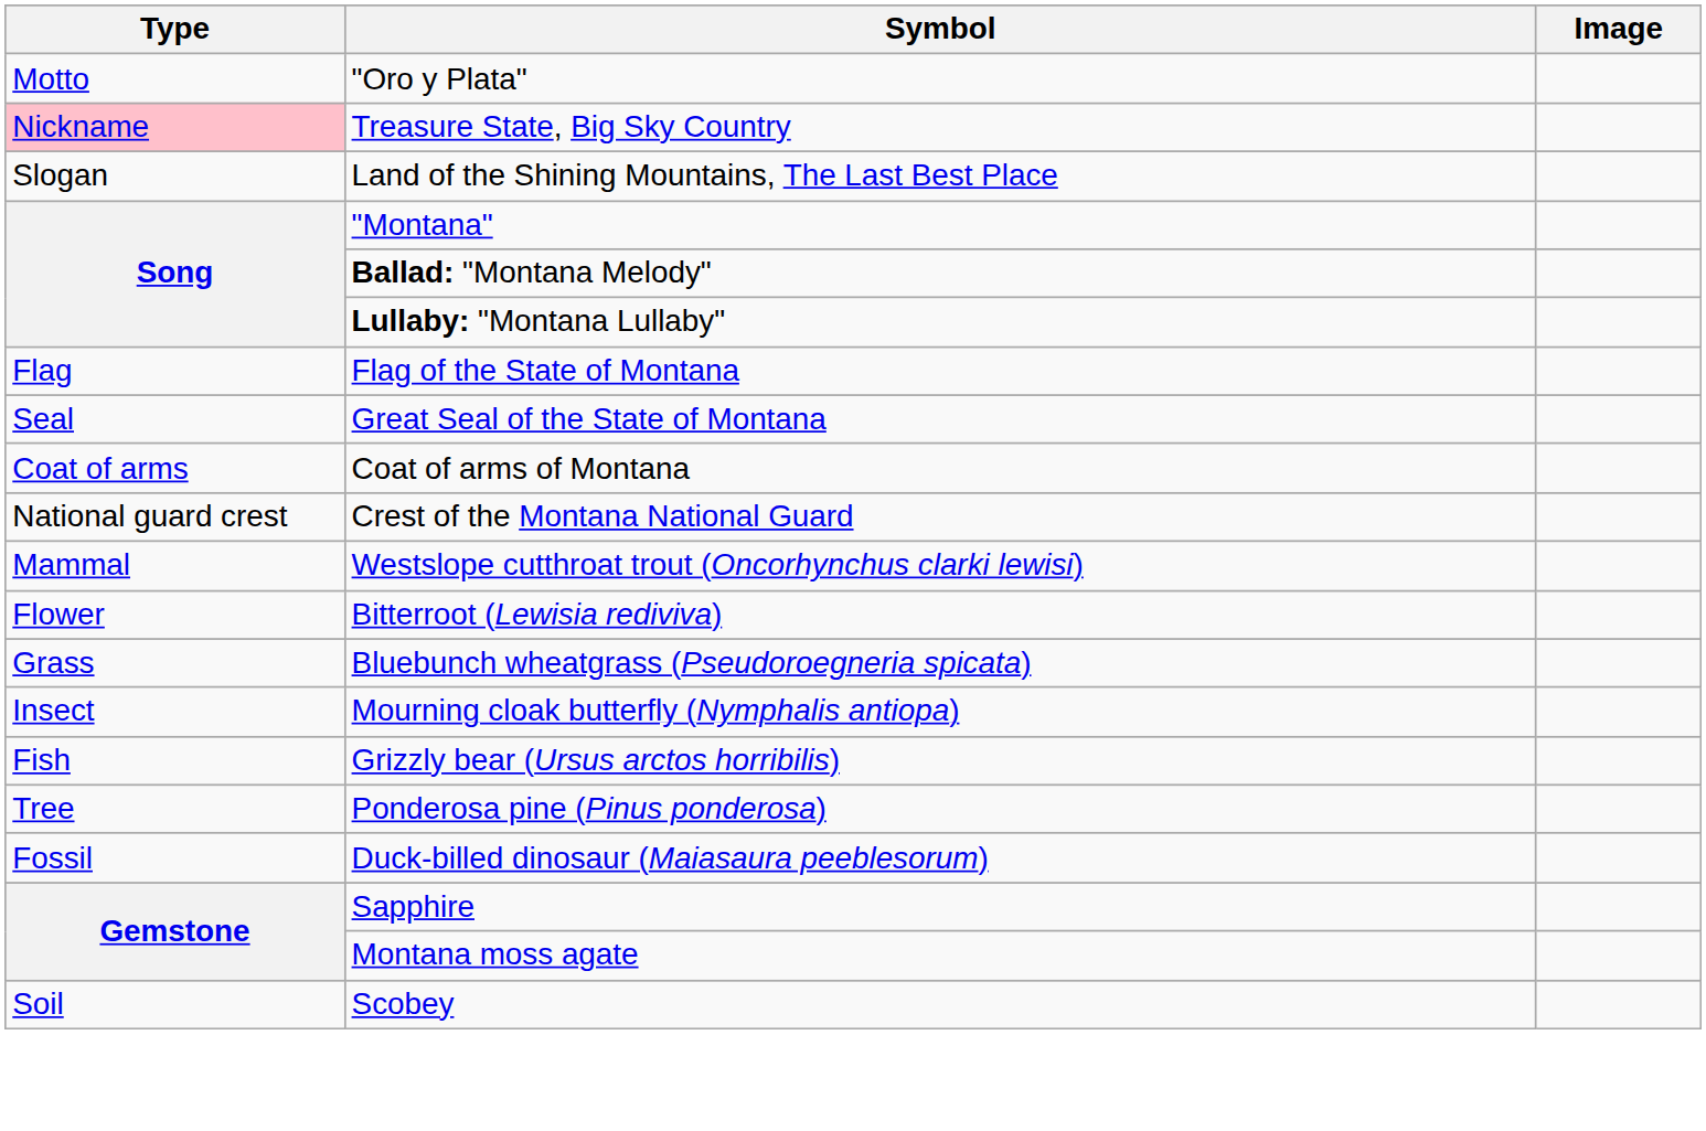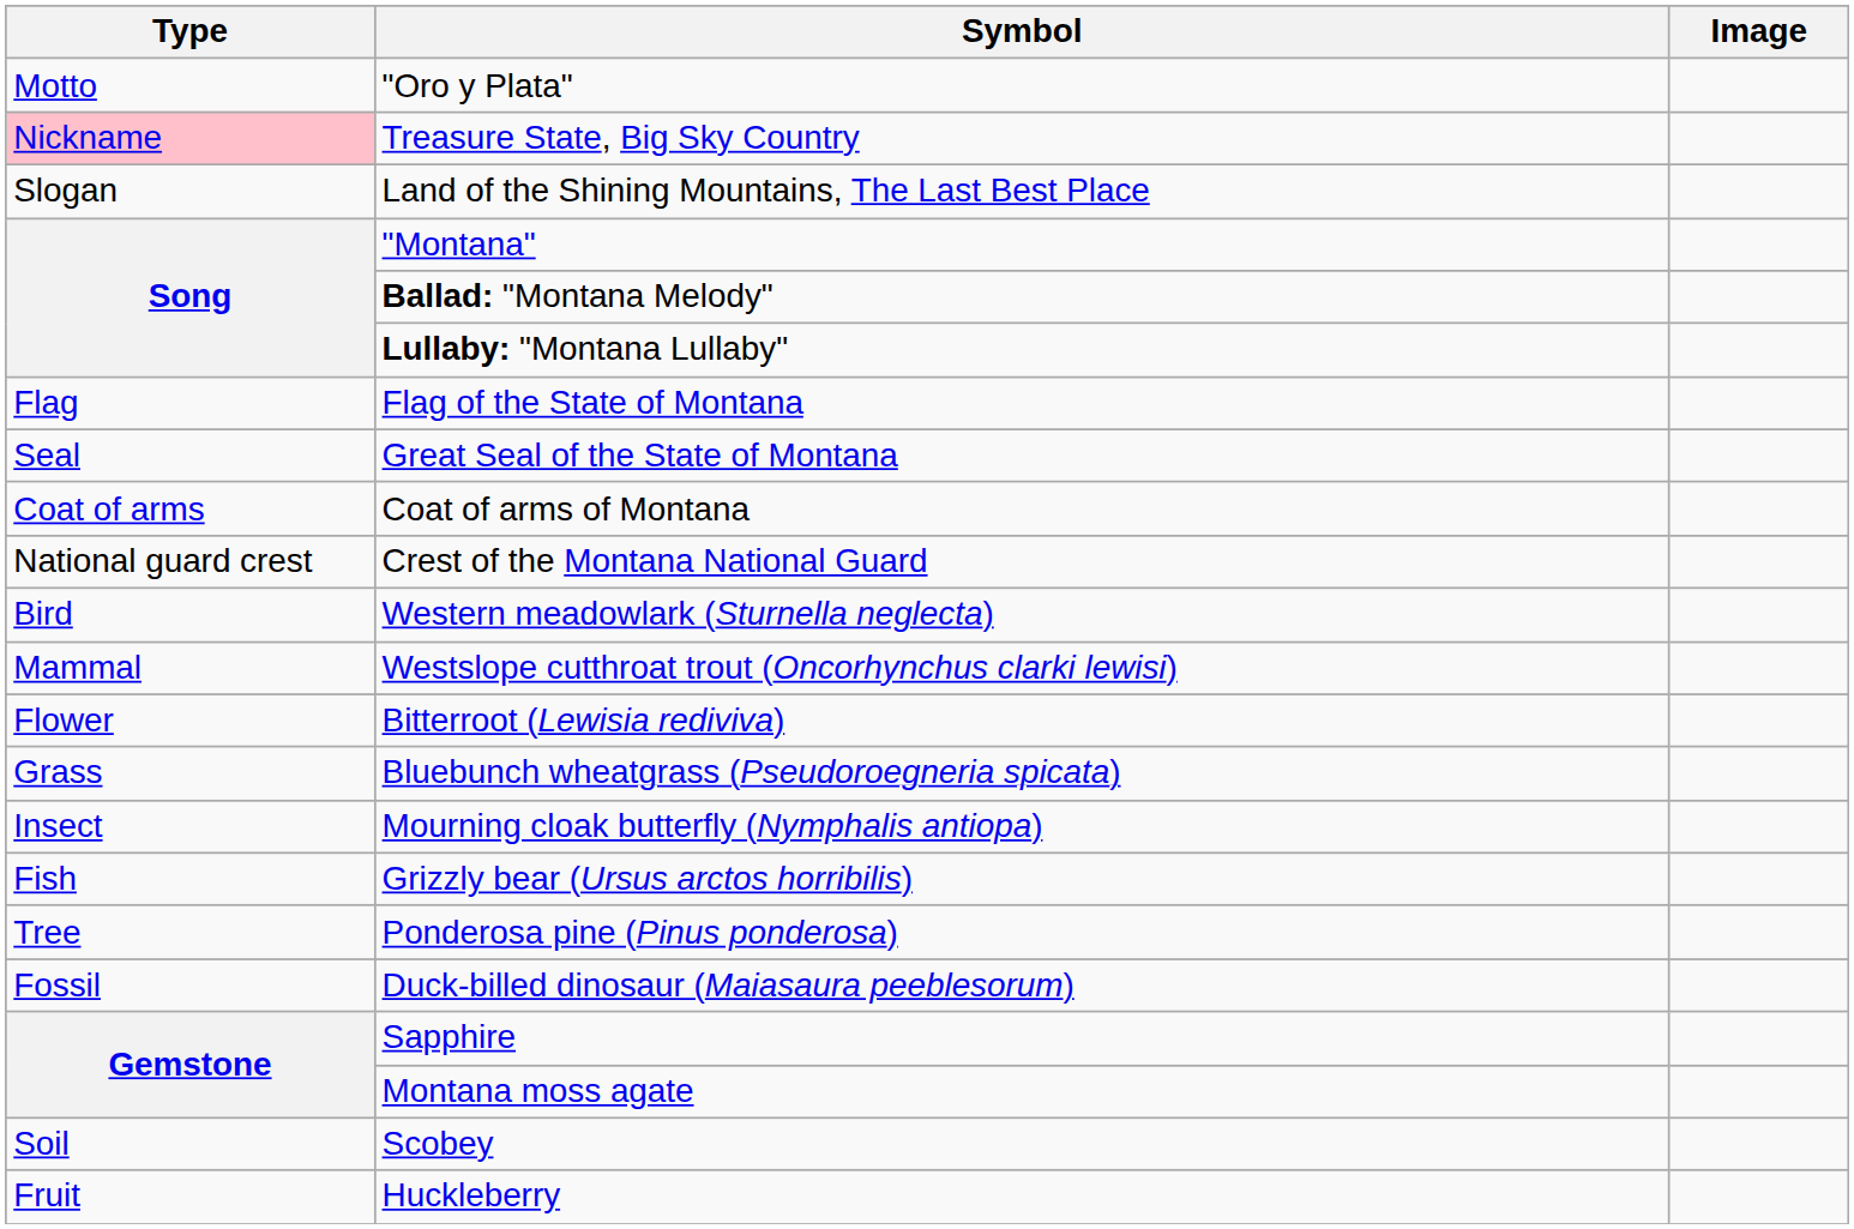 <table class="wikitable sortable" style="width: 100%">
 <tr>
 <th width=20%>Type</th>
 <th>Symbol</th>
 <th>Image</th>
 </tr>
 <tr>
 <td><a href='#'>Motto</a></td>
 <td>"Oro y Plata"</td>
 <td></td>
 </tr>
 <tr>
 <td style="background: pink;"><a href='#'>Nickname</a></td>
 <td><a href='#'>Treasure State</a>, <a href='#'>Big Sky Country</a></td>
 <td></td>
 </tr>
 <tr>
 <td>Slogan</td>
 <td>Land of the Shining Mountains, <a href='#'>The Last Best Place</a></td>
 <td></td>
 </tr>
 <tr>
 <th rowspan=3><a href='#'>Song</a></th>
 <td><a href='#'>"Montana"</a></td>
 <td></td>
 </tr>
 <tr>
 <td><strong>Ballad:</strong> "Montana Melody"</td>
 <td></td>
 </tr>
 <tr>
 <td><strong>Lullaby:</strong> "Montana Lullaby"</td>
 <td></td>
 </tr>
 <tr>
 <td><a href='#'>Flag</a></td>
 <td><a href='#'>Flag of the State of Montana</a></td>
 <td align="center"></td>
 </tr>
 <tr>
 <td><a href='#'>Seal</a></td>
 <td><a href='#'>Great Seal of the State of Montana</a></td>
 <td align="center"></td>
 </tr>
 <tr>
 <td><a href='#'>Coat of arms</a></td>
 <td>Coat of arms of Montana</td>
 <td align="center"></td>
 </tr>
 <tr>
 <td>National guard crest</td>
 <td>Crest of the <a href='#'>Montana National Guard</a></td>
 <td align="center"></td>
 </tr>
 <tr>
+<td><a href='#'>Bird</a></td>
+<td><a href='#'>Western meadowlark (<em>Sturnella neglecta</em>)</a></td>
+<td align="center"></td>
+</tr>
+<tr>
 <td><a href='#'>Mammal</a></td>
 <td><a href='#'>Westslope cutthroat trout (<em>Oncorhynchus clarki lewisi</em>)</a></td>
 <td align="center"></td>
 </tr>
 <tr>
 <td><a href='#'>Flower</a></td>
 <td><a href='#'>Bitterroot (<em>Lewisia rediviva</em>)</a></td>
 <td align="center"></td>
 </tr>
 <tr>
 <td><a href='#'>Grass</a></td>
 <td><a href='#'>Bluebunch wheatgrass (<em>Pseudoroegneria spicata</em>)</a></td>
 <td align="center"></td>
 </tr>
 <tr>
 <td><a href='#'>Insect</a></td>
 <td><a href='#'>Mourning cloak butterfly (<em>Nymphalis antiopa</em>)</a></td>
 <td align="center"></td>
 </tr>
 <tr>
 <td><a href='#'>Fish</a></td>
 <td><a href='#'>Grizzly bear (<em>Ursus arctos horribilis</em>)</a></td>
 <td align="center"></td>
 </tr>
 <tr>
 <td><a href='#'>Tree</a></td>
 <td><a href='#'>Ponderosa pine (<em>Pinus ponderosa</em>)</a></td>
 <td align="center"></td>
 </tr>
 <tr>
 <td><a href='#'>Fossil</a></td>
 <td><a href='#'>Duck-billed dinosaur (<em>Maiasaura peeblesorum</em>)</a></td>
 <td align="center"></td>
 </tr>
 <tr>
 <th rowspan=2><a href='#'>Gemstone</a></th>
 <td><a href='#'>Sapphire</a></td>
 <td align="center"></td>
 </tr>
 <tr>
 <td><a href='#'>Montana moss agate</a></td>
 <td align="center"></td>
 </tr>
 <tr>
 <td><a href='#'>Soil</a></td>
 <td><a href='#'>Scobey</a></td>
 <td align="center"></td>
 </tr>
+<tr>
+<td><a href='#'>Fruit</a></td>
+<td><a href='#'>Huckleberry</a></td>
+<td></td>
+</tr>
 </table>
